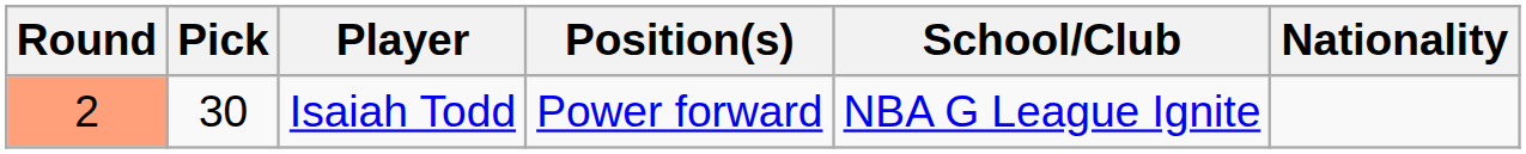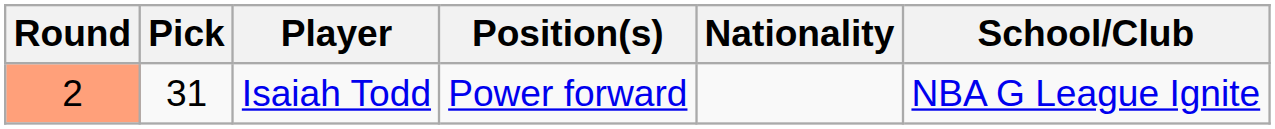 <table class="wikitable sortable sortable">
 <tr>
 <th>Round</th>
 <th>Pick</th>
 <th>Player</th>
 <th>Position(s)</th>
+<th>Nationality</th>
 <th>School/Club</th>
-<th>Nationality</th>
 </tr>
 <tr style="text-align: center">
 <td style="background: lightsalmon;">2</td>
-<td>30</td>
+<td>31</td>
 <td><a href='#'>Isaiah Todd</a></td>
 <td><a href='#'>Power forward</a></td>
+<td></td>
 <td><a href='#'>NBA G League Ignite</a></td>
-<td></td>
 </tr>
 </table>
